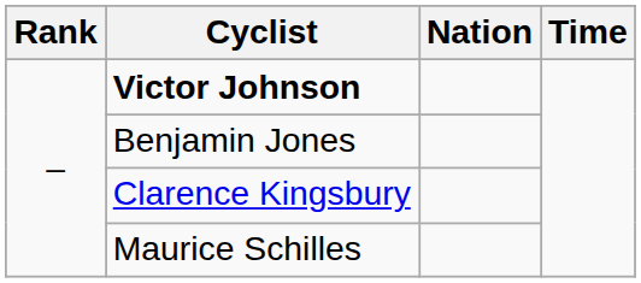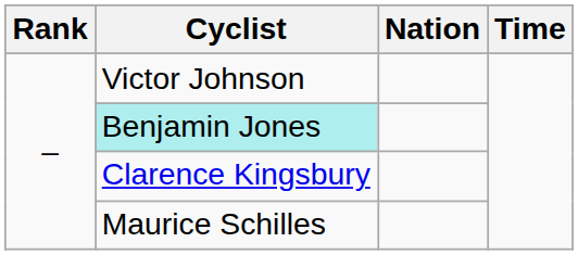 <table class="wikitable sortable" style="text-align:center">
 <tr>
 <th>Rank</th>
 <th>Cyclist</th>
 <th>Nation</th>
 <th>Time</th>
 </tr>
 <tr>
 <td rowspan=4>–</td>
-<td align=left><strong>Victor Johnson</strong></td>
+<td align=left>Victor Johnson</td>
 <td align=left></td>
 <td align=center rowspan=4></td>
 </tr>
 <tr>
-<td align=left>Benjamin Jones</td>
+<td align=left style="background: paleturquoise;">Benjamin Jones</td>
 <td align=left></td>
 </tr>
 <tr>
 <td align=left><a href='#'>Clarence Kingsbury</a></td>
 <td align=left></td>
 </tr>
 <tr>
 <td align=left>Maurice Schilles</td>
 <td align=left></td>
 </tr>
 </table>
